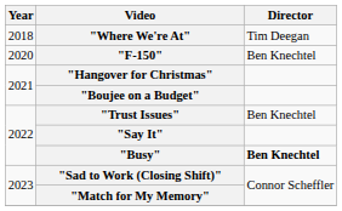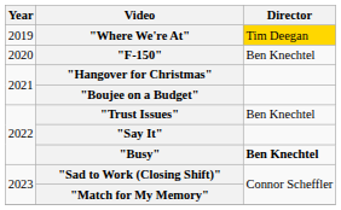 <table class="wikitable plainrowheaders">
 <tr>
 <th style="width:1em;">Year</th>
 <th style="width:16em;">Video</th>
 <th>Director</th>
 </tr>
 <tr>
-<td>2018</td>
+<td>2019</td>
 <th scope="row">"Where We're At"</th>
-<td>Tim Deegan</td>
+<td style="background: gold;">Tim Deegan</td>
 </tr>
 <tr>
 <td>2020</td>
 <th scope="row">"F-150"</th>
 <td>Ben Knechtel</td>
 </tr>
 <tr>
 <td rowspan="2">2021</td>
 <th scope="row">"Hangover for Christmas"</th>
 <td></td>
 </tr>
 <tr>
 <th scope="row">"Boujee on a Budget"</th>
 <td></td>
 </tr>
 <tr>
 <td rowspan="3">2022</td>
 <th scope="row">"Trust Issues"</th>
 <td>Ben Knechtel</td>
 </tr>
 <tr>
 <th scope="row">"Say It"</th>
 <td></td>
 </tr>
 <tr>
 <th scope="row">"Busy"</th>
 <td><strong>Ben Knechtel</strong></td>
 </tr>
 <tr>
 <td rowspan="2">2023</td>
 <th scope="row">"Sad to Work (Closing Shift)"</th>
 <td rowspan="2”">Connor Scheffler</td>
 </tr>
 <tr>
 <th scope="row">"Match for My Memory"</th>
 </tr>
 <tr>
 </tr>
 </table>
